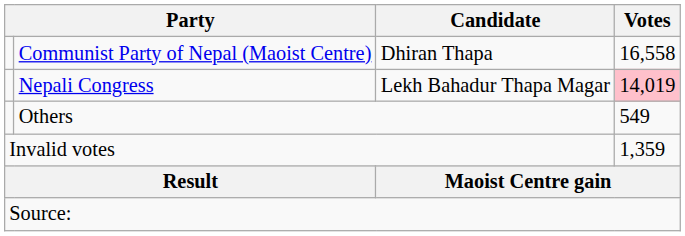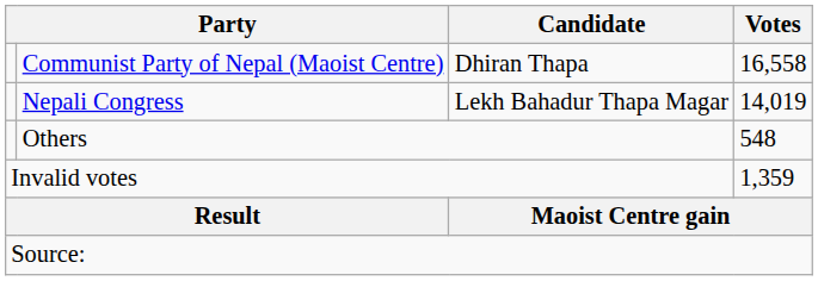 <table class="wikitable">
 <tr>
 <th colspan="2">Party</th>
 <th>Candidate</th>
 <th>Votes</th>
 </tr>
 <tr>
 <td style="background-color:"></td>
 <td><a href='#'>Communist Party of Nepal (Maoist Centre)</a></td>
 <td>Dhiran Thapa</td>
 <td>16,558</td>
 </tr>
 <tr>
 <td style="background-color:"></td>
 <td><a href='#'>Nepali Congress</a></td>
 <td>Lekh Bahadur Thapa Magar</td>
-<td style="background: pink;">14,019</td>
+<td>14,019</td>
 </tr>
 <tr>
 <td></td>
 <td colspan="2">Others</td>
-<td>549</td>
+<td>548</td>
 </tr>
 <tr>
 <td colspan="3">Invalid votes</td>
 <td>1,359</td>
 </tr>
 <tr>
 <th colspan="2">Result</th>
 <th colspan="2">Maoist Centre gain</th>
 </tr>
 <tr>
 <td colspan="4">Source: </td>
 </tr>
 </table>
